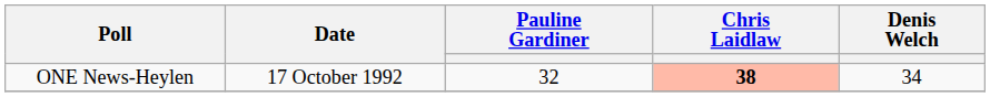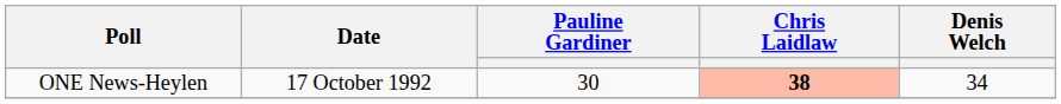 <table class="wikitable" style="width:700px;font-size:90%;line-height:14px;text-align:center;">
 <tr style="height:32px">
 <th style="width:150px;" rowspan="2">Poll</th>
 <th style="width:150px;" rowspan="2">Date</th>
 <th><a href='#'>Pauline<br>Gardiner</a></th>
 <th><a href='#'>Chris<br>Laidlaw</a></th>
 <th>Denis<br>Welch</th>
 </tr>
 <tr>
 <th class="unsortable" style="color:inherit;background:"></th>
 <th class="unsortable" style="color:inherit;background:"></th>
 <th class="unsortable" style="color:inherit;background:"></th>
 </tr>
 <tr>
 <td>ONE News-Heylen</td>
 <td>17 October 1992</td>
-<td>32</td>
+<td>30</td>
 <td style="background:#FFBAA8"><strong>38</strong></td>
 <td>34</td>
 </tr>
 <tr>
 </tr>
 </table>
